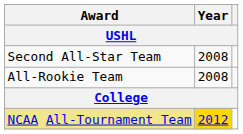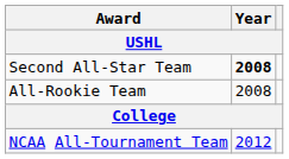 <table class="wikitable">
 <tr>
 <th>Award</th>
 <th>Year</th>
 <th></th>
 </tr>
 <tr>
 <th colspan="3"><a href='#'>USHL</a></th>
 </tr>
 <tr>
 <td>Second All-Star Team</td>
-<td>2008</td>
+<td><strong>2008</strong></td>
 <td></td>
 </tr>
 <tr>
 <td>All-Rookie Team</td>
 <td>2008</td>
 <td></td>
 </tr>
 <tr>
 <th colspan="3"><a href='#'>College</a></th>
 </tr>
 <tr>
-<td style="background: khaki;"><a href='#'>NCAA</a> <a href='#'>All-Tournament Team</a></td>
-<td style="background: gold;"><a href='#'>2012</a></td>
+<td><a href='#'>NCAA</a> <a href='#'>All-Tournament Team</a></td>
+<td><a href='#'>2012</a></td>
 <td></td>
 </tr>
 </table>
